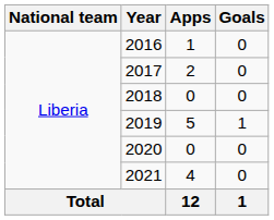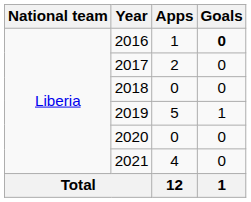 <table class=wikitable style=text-align:center>
 <tr>
 <th>National team</th>
 <th>Year</th>
 <th>Apps</th>
 <th>Goals</th>
 </tr>
 <tr>
 <td rowspan="6"><a href='#'>Liberia</a></td>
 <td>2016</td>
 <td>1</td>
-<td>0</td>
+<td><strong>0</strong></td>
 </tr>
 <tr>
 <td>2017</td>
 <td>2</td>
 <td>0</td>
 </tr>
 <tr>
 <td>2018</td>
 <td>0</td>
 <td>0</td>
 </tr>
 <tr>
 <td>2019</td>
 <td>5</td>
 <td>1</td>
 </tr>
 <tr>
 <td>2020</td>
 <td>0</td>
 <td>0</td>
 </tr>
 <tr>
 <td>2021</td>
 <td>4</td>
 <td>0</td>
 </tr>
 <tr>
 <th colspan="2">Total</th>
 <th>12</th>
 <th>1</th>
 </tr>
 </table>
